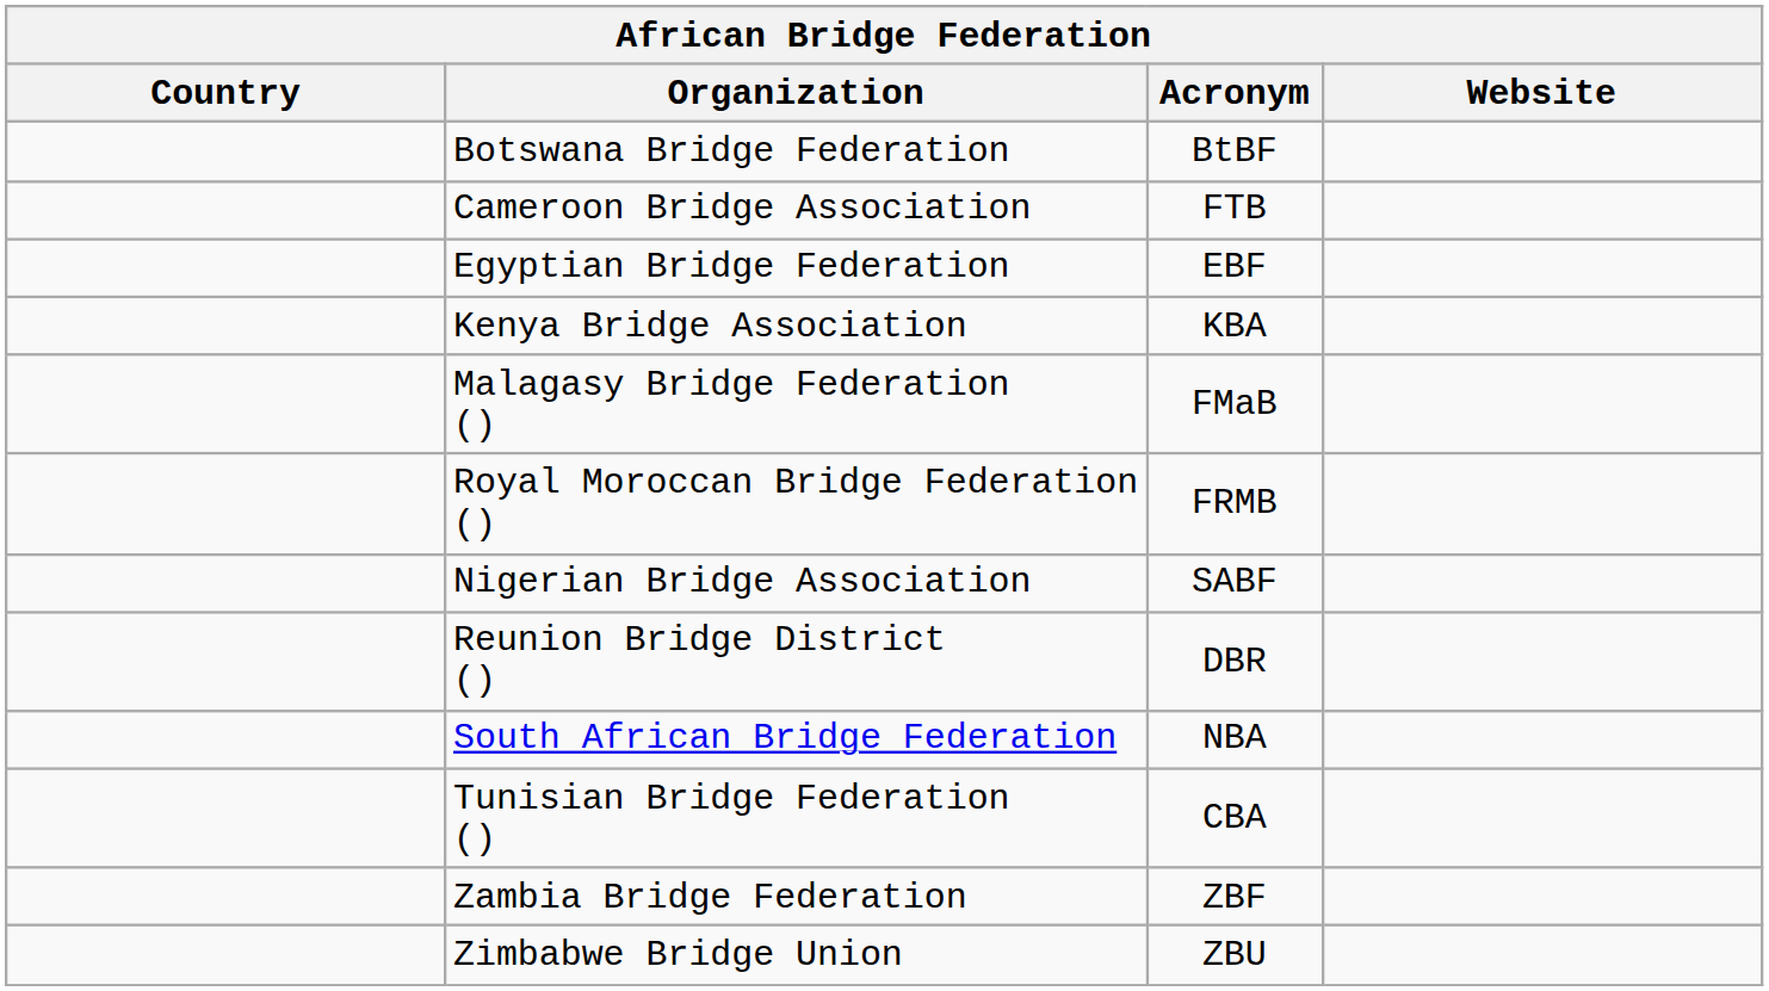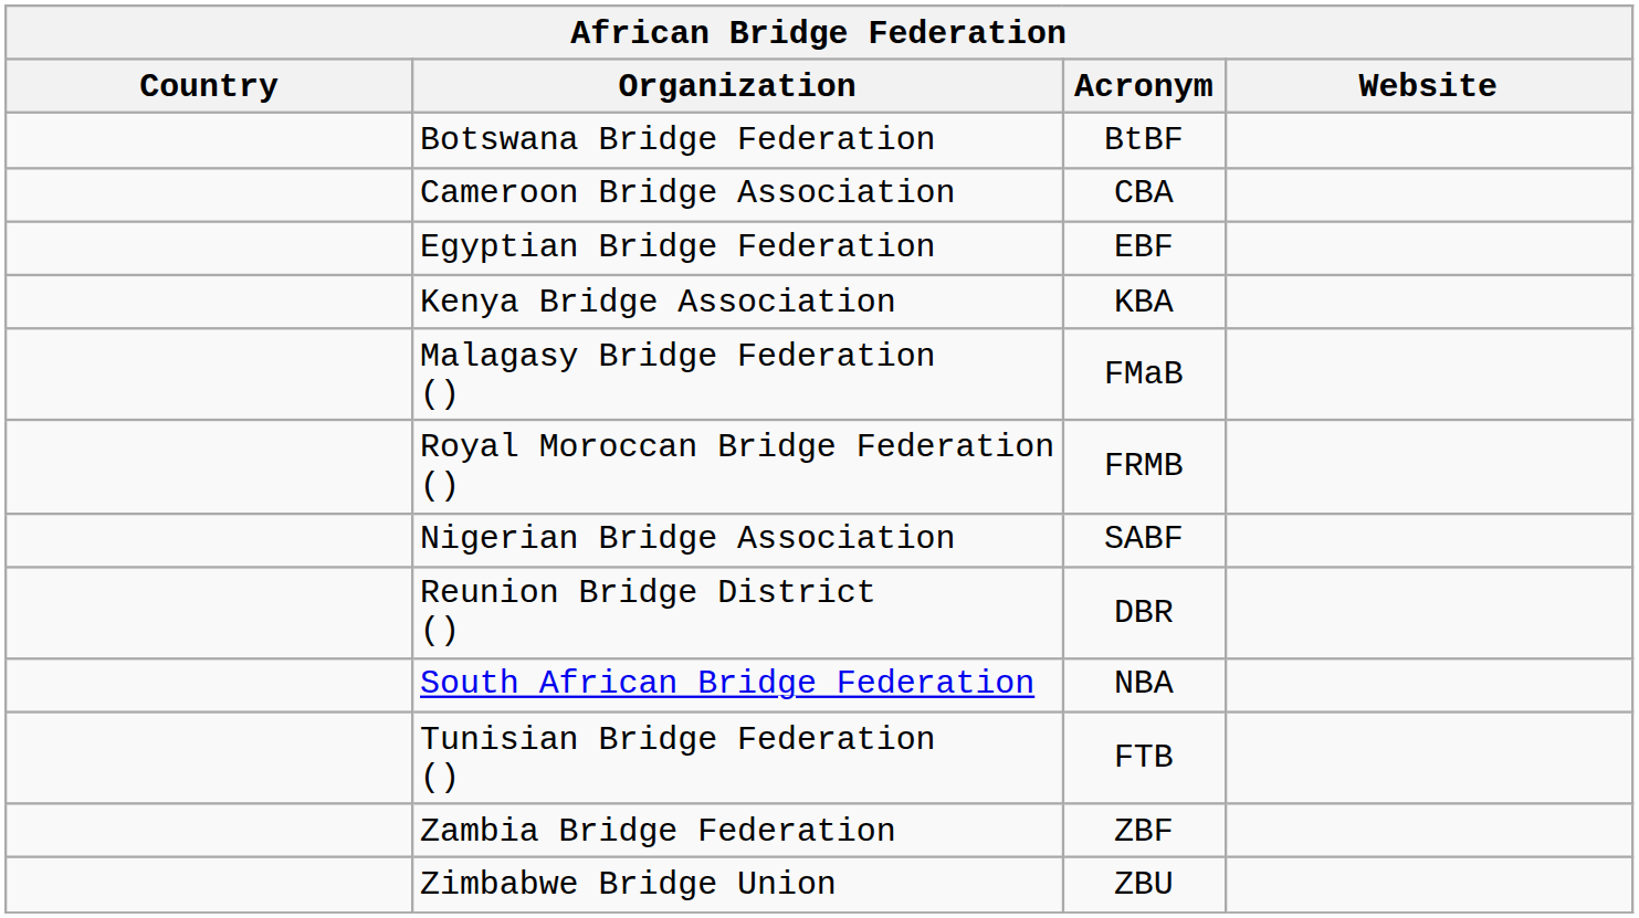 <table class="wikitable">
 <tr>
 <th colspan=5>African Bridge Federation</th>
 </tr>
 <tr>
 <th width="25%">Country</th>
 <th width="40%">Organization</th>
 <th width="10%">Acronym</th>
 <th width="25%">Website</th>
 </tr>
 <tr>
 <td></td>
 <td>Botswana Bridge Federation</td>
 <td align=center>BtBF</td>
 <td></td>
 </tr>
 <tr>
 <td></td>
 <td>Cameroon Bridge Association</td>
-<td align=center>FTB</td>
+<td align=center>CBA</td>
 <td></td>
 </tr>
 <tr>
 <td></td>
 <td>Egyptian Bridge Federation</td>
 <td align=center>EBF</td>
 <td></td>
 </tr>
 <tr>
 <td></td>
 <td>Kenya Bridge Association</td>
 <td align=center>KBA</td>
 <td></td>
 </tr>
 <tr>
 <td></td>
 <td>Malagasy Bridge Federation<br>()</td>
 <td align=center>FMaB</td>
 <td></td>
 </tr>
 <tr>
 <td></td>
 <td>Royal Moroccan Bridge Federation<br>()</td>
 <td align=center>FRMB</td>
 <td></td>
 </tr>
 <tr>
 <td></td>
 <td>Nigerian Bridge Association</td>
 <td align=center>SABF</td>
 <td></td>
 </tr>
 <tr>
 <td></td>
 <td>Reunion Bridge District<br>()</td>
 <td align=center>DBR</td>
 <td></td>
 </tr>
 <tr>
 <td></td>
 <td><a href='#'>South African Bridge Federation</a></td>
 <td align=center>NBA</td>
 <td></td>
 </tr>
 <tr>
 <td></td>
 <td>Tunisian Bridge Federation<br>()</td>
-<td align=center>CBA</td>
+<td align=center>FTB</td>
 <td></td>
 </tr>
 <tr>
 <td></td>
 <td>Zambia Bridge Federation</td>
 <td align=center>ZBF</td>
 <td></td>
 </tr>
 <tr>
 <td></td>
 <td>Zimbabwe Bridge Union</td>
 <td align=center>ZBU</td>
 <td></td>
 </tr>
 </table>
